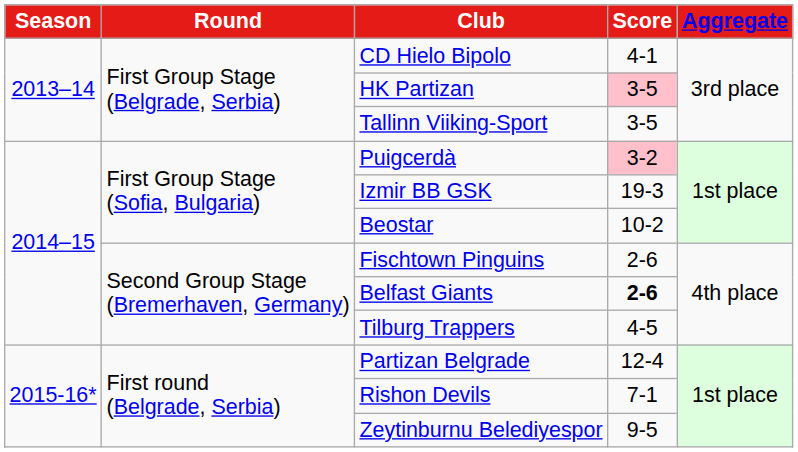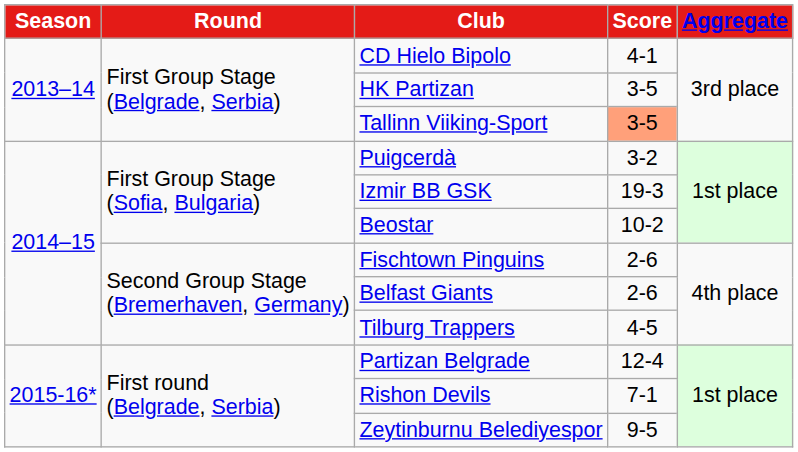 <table class="wikitable">
 <tr>
 <th style="color:white; background:#E41B17;">Season</th>
 <th style="color:white; background:#E41B17;">Round</th>
 <th style="color:white; background:#E41B17;">Club</th>
 <th style="color:white; background:#E41B17;">Score</th>
 <th style="color:white; background:#E41B17;"><a href='#'>Aggregate</a></th>
 </tr>
 <tr>
 <td rowspan="3" style="text-align:center"><a href='#'>2013–14</a></td>
 <td rowspan="3">First Group Stage<br>(<a href='#'>Belgrade</a>, <a href='#'>Serbia</a>)</td>
 <td><a href='#'>CD Hielo Bipolo</a></td>
 <td style="text-align:center">4-1</td>
 <td rowspan="3" style="text-align:center">3rd place</td>
 </tr>
 <tr>
 <td><a href='#'>HK Partizan</a></td>
-<td style="background: pink; text-align:center">3-5</td>
+<td style="text-align:center">3-5</td>
 </tr>
 <tr>
 <td><a href='#'>Tallinn Viiking-Sport</a></td>
-<td style="text-align:center">3-5</td>
+<td style="background: lightsalmon; text-align:center">3-5</td>
 </tr>
 <tr>
 <td rowspan="6" style="text-align:center"><a href='#'>2014–15</a></td>
 <td rowspan="3">First Group Stage<br>(<a href='#'>Sofia</a>, <a href='#'>Bulgaria</a>)</td>
 <td><a href='#'>Puigcerdà</a></td>
-<td style="background: pink; text-align:center">3-2</td>
+<td style="text-align:center">3-2</td>
 <td rowspan="3" style="text-align:center; background:#dfd;">1st place</td>
 </tr>
 <tr>
 <td><a href='#'>Izmir BB GSK</a></td>
 <td style="text-align:center">19-3</td>
 </tr>
 <tr>
 <td><a href='#'>Beostar</a></td>
 <td style="text-align:center">10-2</td>
 </tr>
 <tr>
 <td rowspan="3">Second Group Stage<br>(<a href='#'>Bremerhaven</a>, <a href='#'>Germany</a>)</td>
 <td><a href='#'>Fischtown Pinguins</a></td>
 <td style="text-align:center">2-6</td>
 <td rowspan="3" style="text-align:center">4th place</td>
 </tr>
 <tr>
 <td><a href='#'>Belfast Giants</a></td>
-<td style="text-align:center"><strong>2-6</strong></td>
+<td style="text-align:center">2-6</td>
 </tr>
 <tr>
 <td><a href='#'>Tilburg Trappers</a></td>
 <td style="text-align:center">4-5</td>
 </tr>
 <tr>
 <td rowspan="3" style="text-align:center"><a href='#'>2015-16*</a></td>
 <td rowspan="3">First round<br>(<a href='#'>Belgrade</a>, <a href='#'>Serbia</a>)</td>
 <td> <a href='#'>Partizan Belgrade</a></td>
 <td style="text-align:center">12-4</td>
 <td rowspan="3" style="text-align:center; background:#dfd;">1st place</td>
 </tr>
 <tr>
 <td> <a href='#'>Rishon Devils</a></td>
 <td style="text-align:center">7-1</td>
 </tr>
 <tr>
 <td> <a href='#'>Zeytinburnu Belediyespor</a></td>
 <td style="text-align:center">9-5</td>
 </tr>
 </table>
